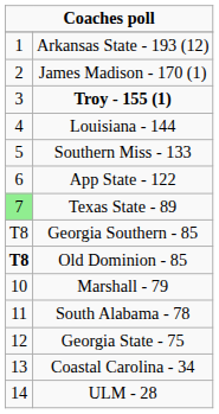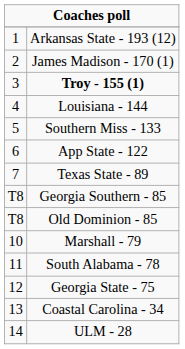 <table class="wikitable" style="display: inline-table;">
 <tr>
 <td align="center" Colspan="3"><strong>Coaches poll</strong></td>
 </tr>
 <tr align="center">
 </tr>
 <tr align="center">
 <td>1</td>
 <td>Arkansas State - 193 (12)</td>
 </tr>
 <tr align="center">
 <td>2</td>
 <td>James Madison - 170 (1)</td>
 </tr>
 <tr align="center">
 <td>3</td>
 <td><strong>Troy - 155 (1)</strong></td>
 </tr>
 <tr align="center">
 <td>4</td>
 <td>Louisiana - 144</td>
 </tr>
 <tr align="center">
 <td>5</td>
 <td>Southern Miss - 133</td>
 </tr>
 <tr align="center">
 <td>6</td>
 <td>App State - 122</td>
 </tr>
 <tr align="center">
-<td style="background: lightgreen;">7</td>
+<td>7</td>
 <td>Texas State - 89</td>
 </tr>
 <tr align="center">
 <td>T8</td>
 <td>Georgia Southern - 85</td>
 </tr>
 <tr align="center">
-<td><strong>T8</strong></td>
+<td>T8</td>
 <td>Old Dominion - 85</td>
 </tr>
 <tr align="center">
 <td>10</td>
 <td>Marshall - 79</td>
 </tr>
 <tr align="center">
 <td>11</td>
 <td>South Alabama - 78</td>
 </tr>
 <tr align="center">
 <td>12</td>
 <td>Georgia State - 75</td>
 </tr>
 <tr align="center">
 <td>13</td>
 <td>Coastal Carolina - 34</td>
 </tr>
 <tr align="center">
 <td>14</td>
 <td>ULM - 28</td>
 </tr>
 </table>
